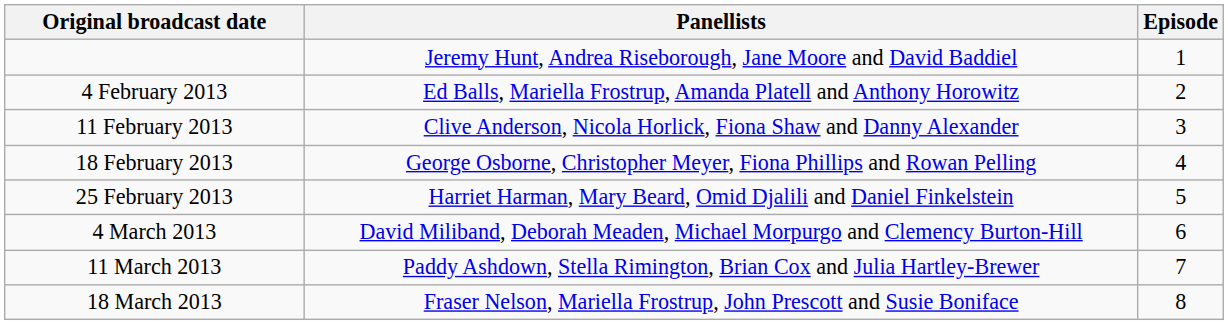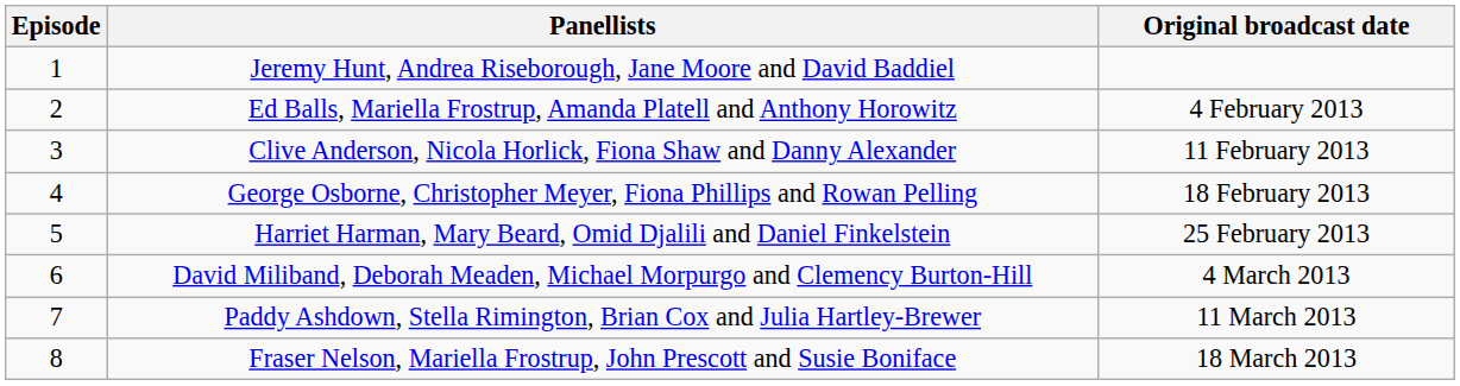 <table class="wikitable" style="text-align:center; width:100%;">
 <tr>
+<th width="5%">Episode</th>
+<th width="70%">Panellists</th>
 <th width="25%">Original broadcast date</th>
-<th width="70%">Panellists</th>
-<th width="5%">Episode</th>
 </tr>
 <tr>
+<td>1</td>
+<td><a href='#'>Jeremy Hunt</a>, <a href='#'>Andrea Riseborough</a>, <a href='#'>Jane Moore</a> and <a href='#'>David Baddiel</a></td>
 <td></td>
-<td><a href='#'>Jeremy Hunt</a>, <a href='#'>Andrea Riseborough</a>, <a href='#'>Jane Moore</a> and <a href='#'>David Baddiel</a></td>
-<td>1</td>
 </tr>
 <tr>
+<td>2</td>
+<td><a href='#'>Ed Balls</a>, <a href='#'>Mariella Frostrup</a>, <a href='#'>Amanda Platell</a> and <a href='#'>Anthony Horowitz</a></td>
 <td>4 February 2013</td>
-<td><a href='#'>Ed Balls</a>, <a href='#'>Mariella Frostrup</a>, <a href='#'>Amanda Platell</a> and <a href='#'>Anthony Horowitz</a></td>
-<td>2</td>
 </tr>
 <tr>
+<td>3</td>
+<td><a href='#'>Clive Anderson</a>, <a href='#'>Nicola Horlick</a>, <a href='#'>Fiona Shaw</a> and <a href='#'>Danny Alexander</a></td>
 <td>11 February 2013</td>
-<td><a href='#'>Clive Anderson</a>, <a href='#'>Nicola Horlick</a>, <a href='#'>Fiona Shaw</a> and <a href='#'>Danny Alexander</a></td>
-<td>3</td>
 </tr>
 <tr>
+<td>4</td>
+<td><a href='#'>George Osborne</a>, <a href='#'>Christopher Meyer</a>, <a href='#'>Fiona Phillips</a> and <a href='#'>Rowan Pelling</a></td>
 <td>18 February 2013</td>
-<td><a href='#'>George Osborne</a>, <a href='#'>Christopher Meyer</a>, <a href='#'>Fiona Phillips</a> and <a href='#'>Rowan Pelling</a></td>
-<td>4</td>
 </tr>
 <tr>
+<td>5</td>
+<td><a href='#'>Harriet Harman</a>, <a href='#'>Mary Beard</a>, <a href='#'>Omid Djalili</a> and <a href='#'>Daniel Finkelstein</a></td>
 <td>25 February 2013</td>
-<td><a href='#'>Harriet Harman</a>, <a href='#'>Mary Beard</a>, <a href='#'>Omid Djalili</a> and <a href='#'>Daniel Finkelstein</a></td>
-<td>5</td>
 </tr>
 <tr>
+<td>6</td>
+<td><a href='#'>David Miliband</a>, <a href='#'>Deborah Meaden</a>, <a href='#'>Michael Morpurgo</a> and <a href='#'>Clemency Burton-Hill</a></td>
 <td>4 March 2013</td>
-<td><a href='#'>David Miliband</a>, <a href='#'>Deborah Meaden</a>, <a href='#'>Michael Morpurgo</a> and <a href='#'>Clemency Burton-Hill</a></td>
-<td>6</td>
 </tr>
 <tr>
+<td>7</td>
+<td><a href='#'>Paddy Ashdown</a>, <a href='#'>Stella Rimington</a>, <a href='#'>Brian Cox</a> and <a href='#'>Julia Hartley-Brewer</a></td>
 <td>11 March 2013</td>
-<td><a href='#'>Paddy Ashdown</a>, <a href='#'>Stella Rimington</a>, <a href='#'>Brian Cox</a> and <a href='#'>Julia Hartley-Brewer</a></td>
-<td>7</td>
 </tr>
 <tr>
+<td>8</td>
+<td><a href='#'>Fraser Nelson</a>, <a href='#'>Mariella Frostrup</a>, <a href='#'>John Prescott</a> and <a href='#'>Susie Boniface</a></td>
 <td>18 March 2013</td>
-<td><a href='#'>Fraser Nelson</a>, <a href='#'>Mariella Frostrup</a>, <a href='#'>John Prescott</a> and <a href='#'>Susie Boniface</a></td>
-<td>8</td>
 </tr>
 </table>
